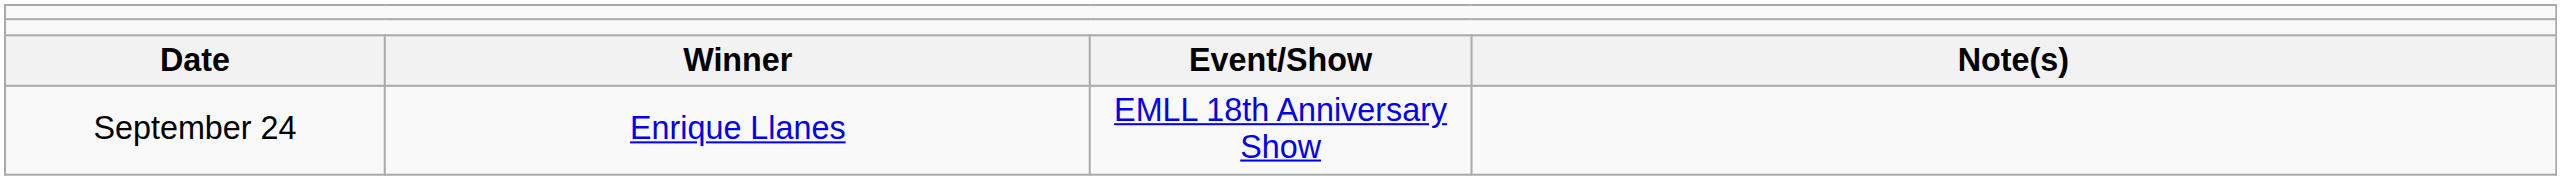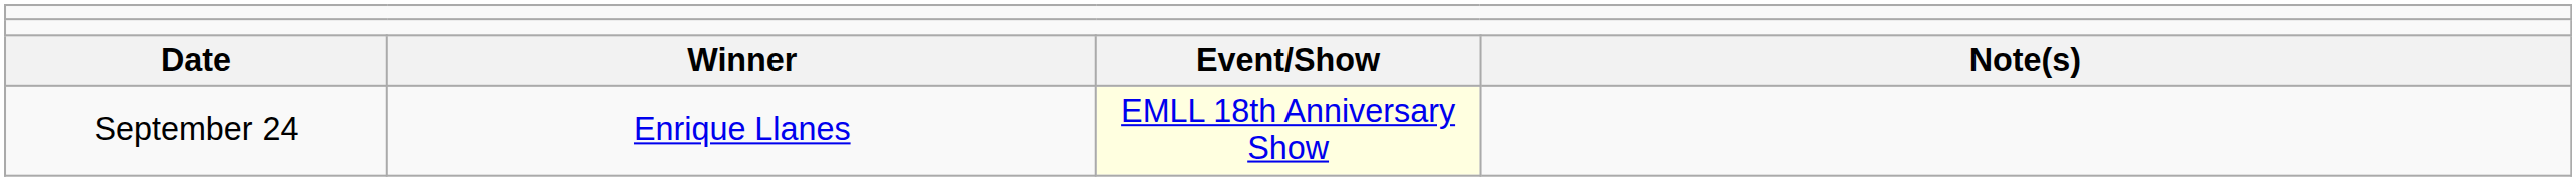 <table class="wikitable" style="text-align:center; width:100%;">
 <tr>
 <td colspan=5></td>
 </tr>
 <tr>
 <td colspan=5><strong></strong></td>
 </tr>
 <tr>
 <th width=14%>Date</th>
 <th width=26%>Winner</th>
 <th width=14%>Event/Show</th>
 <th width=40%>Note(s)</th>
 </tr>
 <tr>
 <td>September 24</td>
 <td><a href='#'>Enrique Llanes</a></td>
-<td><a href='#'>EMLL 18th Anniversary Show</a></td>
+<td style="background: lightyellow;"><a href='#'>EMLL 18th Anniversary Show</a></td>
 <td align=left></td>
 </tr>
 </table>
